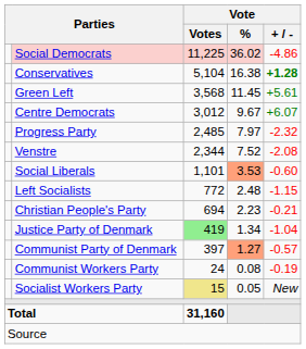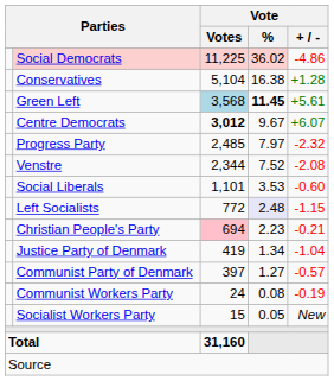 <table class="wikitable" style="text-align:right;">
 <tr>
 <th style="text-align:centre;" rowspan="2" colspan="2" width="225">Parties</th>
 <th colspan="3">Vote</th>
 </tr>
 <tr>
 <th width="15">Votes</th>
 <th width="15">%</th>
 <th width="15">+ / -</th>
 </tr>
 <tr>
 <td width="2" style="color:inherit;background:"></td>
 <td bgcolor=#fbd0ce  align="left"><a href='#'>Social Democrats</a></td>
 <td bgcolor=#fbd0ce>11,225</td>
 <td bgcolor=#fbd0ce>36.02</td>
 <td style=color:red;>-4.86</td>
 </tr>
 <tr>
 <td width="2" style="color:inherit;background:"></td>
 <td align="left"><a href='#'>Conservatives</a></td>
 <td>5,104</td>
 <td>16.38</td>
-<td style=color:green;><strong>+1.28</strong></td>
+<td style=color:green;>+1.28</td>
 </tr>
 <tr>
 <td width="2" style="color:inherit;background:"></td>
 <td align="left"><a href='#'>Green Left</a></td>
-<td>3,568</td>
-<td>11.45</td>
+<td style="background: lightblue;">3,568</td>
+<td><strong>11.45</strong></td>
 <td style=color:green;>+5.61</td>
 </tr>
 <tr>
 <td width="2" style="color:inherit;background:"></td>
 <td align="left"><a href='#'>Centre Democrats</a></td>
-<td>3,012</td>
+<td><strong>3,012</strong></td>
 <td>9.67</td>
 <td style=color:green;>+6.07</td>
 </tr>
 <tr>
 <td width="2" style="color:inherit;background:"></td>
 <td align="left"><a href='#'>Progress Party</a></td>
 <td>2,485</td>
 <td>7.97</td>
 <td style=color:red;>-2.32</td>
 </tr>
 <tr>
 <td width="2" style="color:inherit;background:"></td>
 <td align="left"><a href='#'>Venstre</a></td>
 <td>2,344</td>
 <td>7.52</td>
 <td style=color:red;>-2.08</td>
 </tr>
 <tr>
 <td width="2" style="color:inherit;background:"></td>
 <td align="left"><a href='#'>Social Liberals</a></td>
 <td>1,101</td>
-<td style="background: lightsalmon;">3.53</td>
+<td>3.53</td>
 <td style=color:red;>-0.60</td>
 </tr>
 <tr>
 <td width="2" style="color:inherit;background:"></td>
 <td align="left"><a href='#'>Left Socialists</a></td>
 <td>772</td>
-<td>2.48</td>
+<td style="background: lavender;">2.48</td>
 <td style=color:red;>-1.15</td>
 </tr>
 <tr>
 <td width="2" style="color:inherit;background:"></td>
 <td align="left"><a href='#'>Christian People's Party</a></td>
-<td>694</td>
+<td style="background: pink;">694</td>
 <td>2.23</td>
 <td style=color:red;>-0.21</td>
 </tr>
 <tr>
 <td width="2" style="color:inherit;background:"></td>
 <td align="left"><a href='#'>Justice Party of Denmark</a></td>
-<td style="background: lightgreen;">419</td>
+<td>419</td>
 <td>1.34</td>
 <td style=color:red;>-1.04</td>
 </tr>
 <tr>
 <td width="2" style="color:inherit;background:"></td>
 <td align="left"><a href='#'>Communist Party of Denmark</a></td>
 <td>397</td>
-<td style="background: lightsalmon;">1.27</td>
+<td>1.27</td>
 <td style=color:red;>-0.57</td>
 </tr>
 <tr>
 <td width="2" style="color:inherit;background:"></td>
 <td align="left"><a href='#'>Communist Workers Party</a></td>
 <td>24</td>
 <td>0.08</td>
 <td style=color:red;>-0.19</td>
 </tr>
 <tr>
 <td width="2" style="color:inherit;background:"></td>
 <td align="left"><a href='#'>Socialist Workers Party</a></td>
-<td style="background: khaki;">15</td>
+<td>15</td>
 <td>0.05</td>
 <td><em>New</em></td>
 </tr>
 <tr>
 <td colspan="7" bgcolor="#E9E9E9"></td>
 </tr>
 <tr>
 <td align="left" colspan="2"><strong>Total</strong></td>
 <td><strong>31,160</strong></td>
 <td bgcolor="#E9E9E9" colspan="2"></td>
 </tr>
 <tr>
 <td align="left" colspan="6">Source</td>
 </tr>
 </table>
